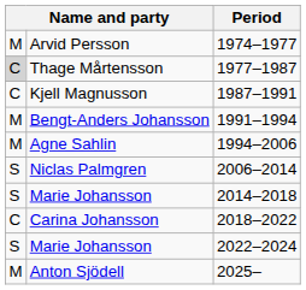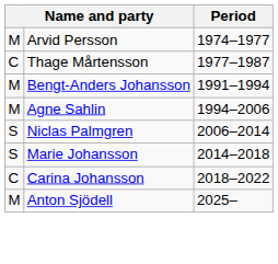 <table class="wikitable">
 <tr>
 <th colspan="2">Name and party</th>
 <th>Period</th>
 </tr>
 <tr>
 <td>M</td>
 <td>Arvid Persson</td>
 <td>1974–1977</td>
 </tr>
 <tr>
-<td style="background: lightgrey;">C</td>
+<td>C</td>
 <td>Thage Mårtensson</td>
 <td>1977–1987</td>
-</tr>
-<tr>
-<td>C</td>
-<td>Kjell Magnusson</td>
-<td>1987–1991</td>
 </tr>
 <tr>
 <td>M</td>
 <td><a href='#'>Bengt-Anders Johansson</a></td>
 <td>1991–1994</td>
 </tr>
 <tr>
 <td>M</td>
 <td><a href='#'>Agne Sahlin</a></td>
 <td>1994–2006</td>
 </tr>
 <tr>
 <td>S</td>
 <td><a href='#'>Niclas Palmgren</a></td>
 <td>2006–2014</td>
 </tr>
 <tr>
 <td>S</td>
 <td><a href='#'>Marie Johansson</a></td>
 <td>2014–2018</td>
 </tr>
 <tr>
 <td>C</td>
 <td><a href='#'>Carina Johansson</a></td>
 <td>2018–2022</td>
 </tr>
 <tr>
-<td>S</td>
-<td><a href='#'>Marie Johansson</a></td>
-<td>2022–2024</td>
-</tr>
-<tr>
 <td>M</td>
 <td><a href='#'>Anton Sjödell</a></td>
 <td>2025–</td>
 </tr>
 </table>
